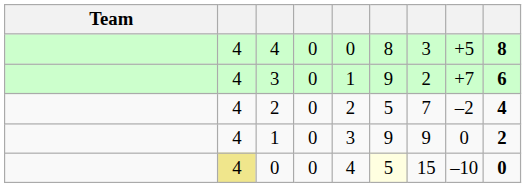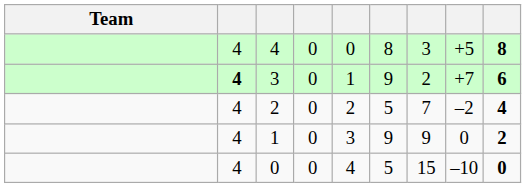 <table class="wikitable" style="text-align: center;">
 <tr>
 <th width=175>Team</th>
 <th width=25></th>
 <th width=25></th>
 <th width=25></th>
 <th width=25></th>
 <th width=25></th>
 <th width=25></th>
 <th width=25></th>
 <th width=25></th>
 </tr>
 <tr bgcolor=ccffcc>
 <td style="text-align:left;"></td>
 <td>4</td>
 <td>4</td>
 <td>0</td>
 <td>0</td>
 <td>8</td>
 <td>3</td>
 <td>+5</td>
 <td><strong>8</strong></td>
 </tr>
 <tr bgcolor=ccffcc>
 <td style="text-align:left;"></td>
-<td>4</td>
+<td><strong>4</strong></td>
 <td>3</td>
 <td>0</td>
 <td>1</td>
 <td>9</td>
 <td>2</td>
 <td>+7</td>
 <td><strong>6</strong></td>
 </tr>
 <tr>
 <td style="text-align:left;"></td>
 <td>4</td>
 <td>2</td>
 <td>0</td>
 <td>2</td>
 <td>5</td>
 <td>7</td>
 <td>–2</td>
 <td><strong>4</strong></td>
 </tr>
 <tr>
 <td style="text-align:left;"></td>
 <td>4</td>
 <td>1</td>
 <td>0</td>
 <td>3</td>
 <td>9</td>
 <td>9</td>
 <td>0</td>
 <td><strong>2</strong></td>
 </tr>
 <tr>
 <td style="text-align:left;"></td>
-<td style="background: khaki;">4</td>
+<td>4</td>
 <td>0</td>
 <td>0</td>
 <td>4</td>
-<td style="background: lightyellow;">5</td>
+<td>5</td>
 <td>15</td>
 <td>–10</td>
 <td><strong>0</strong></td>
 </tr>
 </table>
